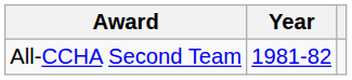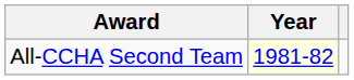 <table class="wikitable">
 <tr>
 <th>Award</th>
 <th>Year</th>
 <th></th>
 </tr>
 <tr>
 <td>All-<a href='#'>CCHA</a> <a href='#'>Second Team</a></td>
-<td><a href='#'>1981-82</a></td>
+<td style="background: lightyellow;"><a href='#'>1981-82</a></td>
 <td></td>
 </tr>
 </table>
